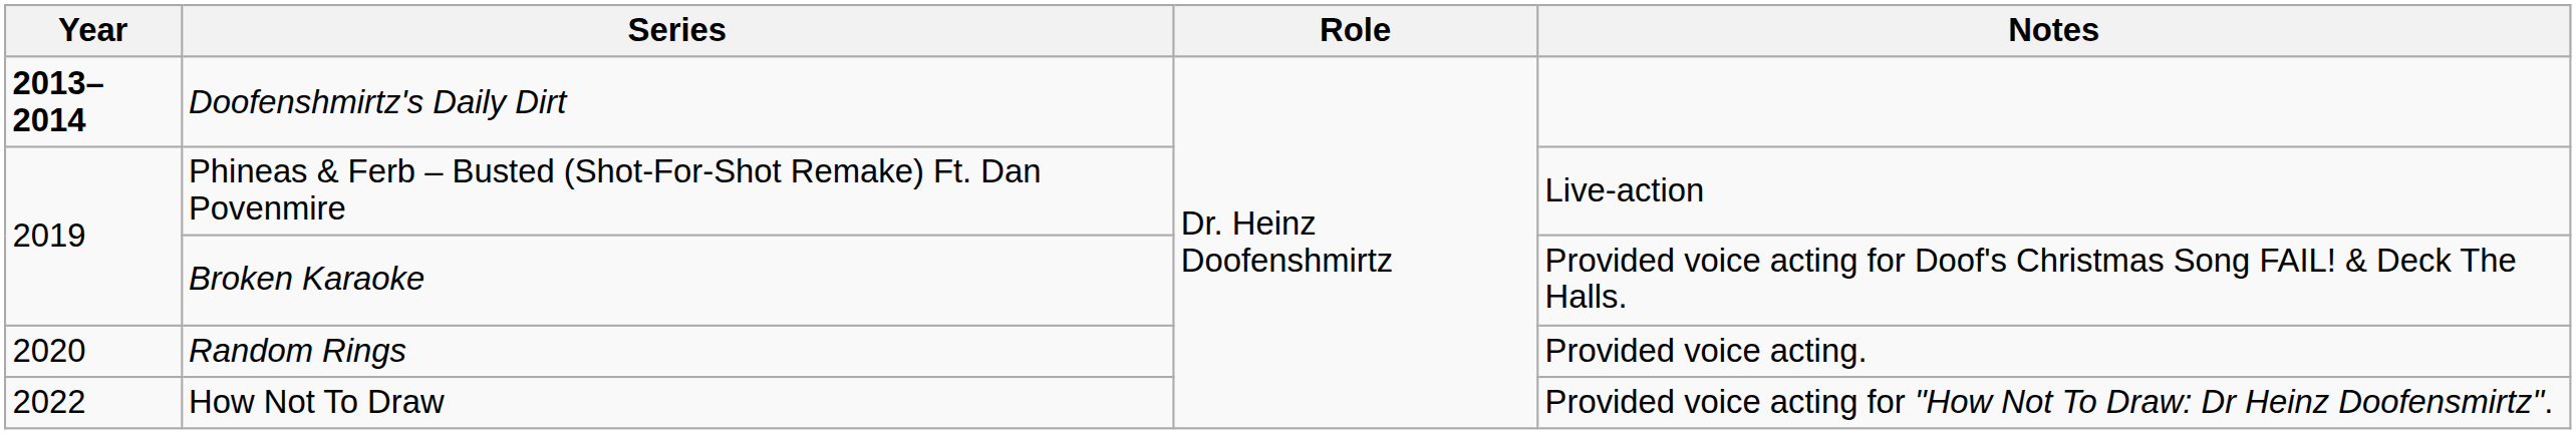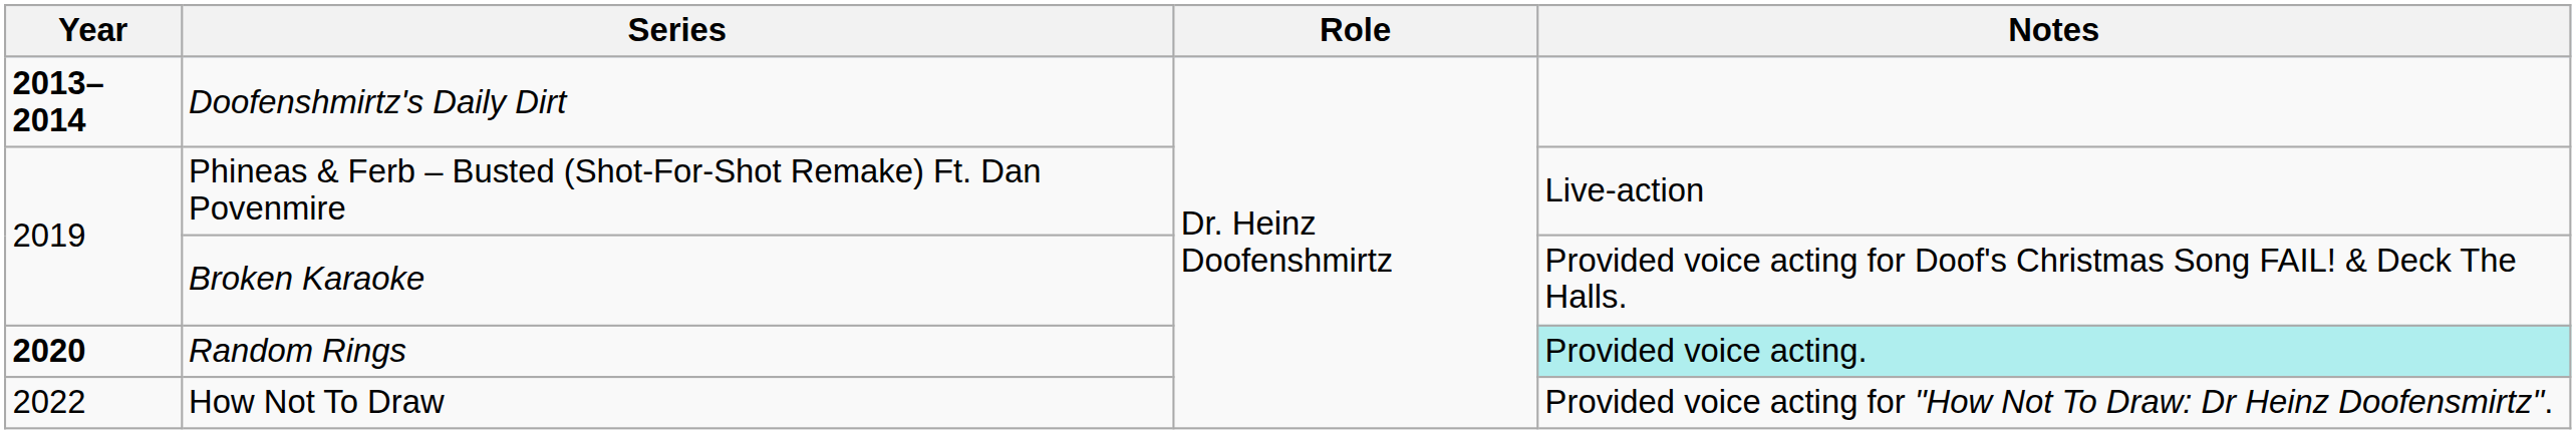 <table class="wikitable">
 <tr style="background:#b0c4de; text-align:center;">
 <th>Year</th>
 <th>Series</th>
 <th>Role</th>
 <th>Notes</th>
 </tr>
 <tr>
 <td><strong>2013–2014</strong></td>
 <td><em>Doofenshmirtz's Daily Dirt</em></td>
 <td rowspan="5">Dr. Heinz Doofenshmirtz</td>
 <td></td>
 </tr>
 <tr>
 <td rowspan="2">2019</td>
 <td>Phineas & Ferb – Busted (Shot-For-Shot Remake) Ft. Dan Povenmire</td>
 <td>Live-action</td>
 </tr>
 <tr>
 <td><em>Broken Karaoke</em></td>
 <td>Provided voice acting for Doof's Christmas Song FAIL! & Deck The Halls.</td>
 </tr>
 <tr>
-<td>2020</td>
+<td><strong>2020</strong></td>
 <td><em>Random Rings</em></td>
-<td>Provided voice acting.</td>
+<td style="background: paleturquoise;">Provided voice acting.</td>
 </tr>
 <tr>
 <td>2022</td>
 <td>How Not To Draw</td>
 <td>Provided voice acting for <em>"How Not To Draw: Dr Heinz Doofensmirtz"</em>.</td>
 </tr>
 </table>
